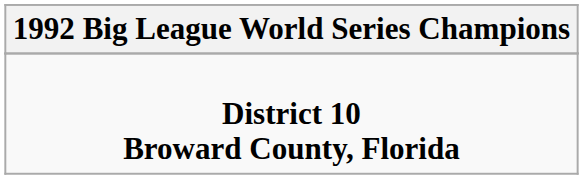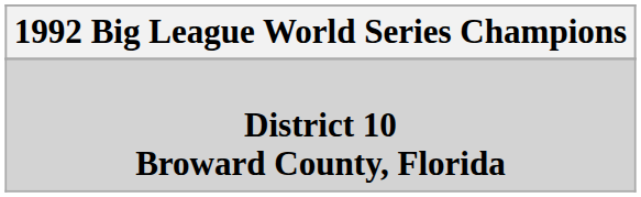 <table class="wikitable" style="text-align: center; margin: 0 auto;">
 <tr>
 <th>1992 Big League World Series Champions</th>
 </tr>
 <tr>
 </tr>
 <tr>
-<td><br><strong>District 10</strong><br><strong>Broward County, Florida</strong></td>
+<td style="background: lightgrey;"><br><strong>District 10</strong><br><strong>Broward County, Florida</strong></td>
 </tr>
 </table>
